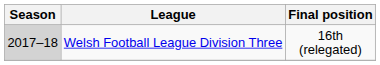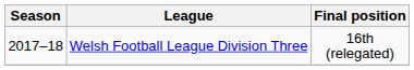 <table class="wikitable" style="text-align: center">
 <tr>
 <th>Season</th>
 <th>League</th>
 <th>Final position</th>
 </tr>
 <tr>
-<td style="background: lightgrey;">2017–18</td>
+<td>2017–18</td>
 <td><a href='#'>Welsh Football League Division Three</a></td>
 <td>16th<br>(relegated)</td>
 </tr>
 <tr>
 </tr>
 <tr>
 </tr>
 </table>
